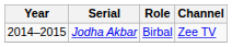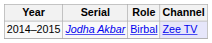 <table class="wikitable sortable">
 <tr>
 <th>Year</th>
 <th>Serial</th>
 <th>Role</th>
 <th>Channel</th>
 </tr>
 <tr>
 <td>2014–2015</td>
 <td><em><a href='#'>Jodha Akbar</a></em></td>
 <td><a href='#'>Birbal</a></td>
-<td><a href='#'>Zee TV</a></td>
+<td style="background: lavender;"><a href='#'>Zee TV</a></td>
 </tr>
 <tr>
 </tr>
 </table>
